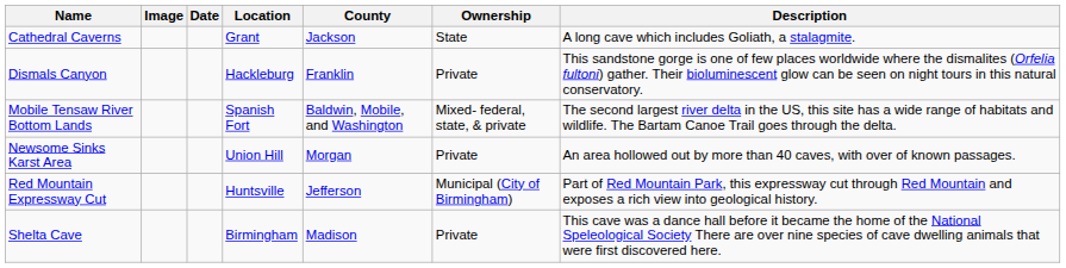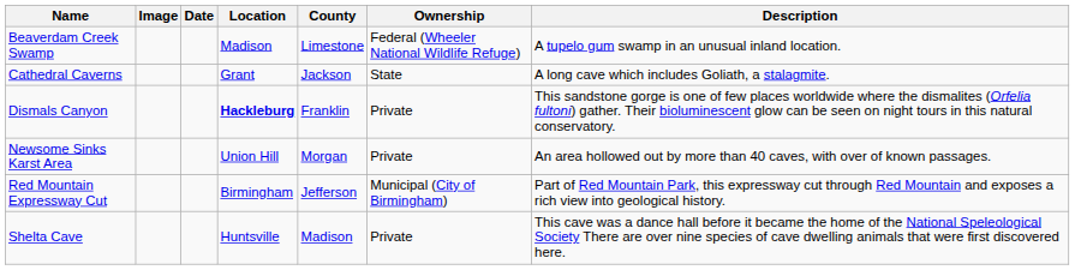 <table class="wikitable sortable" align="center">
 <tr>
 <th style="background-color:">Name</th>
 <th style="background-color:">Image</th>
 <th style="background-color:">Date</th>
 <th style="background-color:">Location</th>
 <th style="background-color:">County</th>
 <th style="background-color:">Ownership</th>
 <th style="background-color:">Description</th>
+</tr>
+<tr>
+<td><a href='#'>Beaverdam Creek Swamp</a></td>
+<td></td>
+<td></td>
+<td><a href='#'>Madison</a><br><small></small></td>
+<td><a href='#'>Limestone</a></td>
+<td>Federal (<a href='#'>Wheeler National Wildlife Refuge</a>)</td>
+<td>A <a href='#'>tupelo gum</a> swamp in an unusual inland location.</td>
 </tr>
 <tr>
 <td><a href='#'>Cathedral Caverns</a></td>
 <td></td>
 <td></td>
 <td><a href='#'>Grant</a><br><small></small></td>
 <td><a href='#'>Jackson</a></td>
 <td>State</td>
 <td>A  long cave which includes Goliath, a  <a href='#'>stalagmite</a>.</td>
 </tr>
 <tr>
 <td><a href='#'>Dismals Canyon</a></td>
 <td></td>
 <td></td>
-<td><a href='#'>Hackleburg</a><br><small></small></td>
+<td><strong><a href='#'>Hackleburg</a><br><small></small></strong></td>
 <td><a href='#'>Franklin</a></td>
 <td>Private</td>
 <td>This sandstone gorge is one of few places worldwide where the dismalites (<em><a href='#'>Orfelia fultoni</a></em>) gather.  Their <a href='#'>bioluminescent</a> glow can be seen on night tours in this  natural conservatory.</td>
-</tr>
-<tr>
-<td><a href='#'>Mobile Tensaw River Bottom Lands</a></td>
-<td></td>
-<td></td>
-<td><a href='#'>Spanish Fort</a><br><small></small></td>
-<td><a href='#'>Baldwin</a>, <a href='#'>Mobile</a>, and <a href='#'>Washington</a></td>
-<td>Mixed- federal, state, & private</td>
-<td>The second largest <a href='#'>river delta</a> in the US, this  site has a wide range of habitats and wildlife.  The  Bartam Canoe Trail goes through the delta.</td>
 </tr>
 <tr>
 <td><a href='#'>Newsome Sinks Karst Area</a></td>
 <td></td>
 <td></td>
 <td><a href='#'>Union Hill</a><br><small></small></td>
 <td><a href='#'>Morgan</a></td>
 <td>Private</td>
 <td>An area hollowed out by more than 40 caves, with over  of known passages.</td>
 </tr>
 <tr>
 <td><a href='#'>Red Mountain Expressway Cut</a></td>
 <td></td>
 <td></td>
-<td><a href='#'>Huntsville</a><br><small></small></td>
+<td><a href='#'>Birmingham</a><br><small></small></td>
 <td><a href='#'>Jefferson</a></td>
 <td>Municipal (<a href='#'>City of Birmingham</a>)</td>
 <td>Part of <a href='#'>Red Mountain Park</a>, this expressway cut through <a href='#'>Red Mountain</a> and exposes a rich view into geological history.</td>
 </tr>
 <tr>
 <td><a href='#'>Shelta Cave</a></td>
 <td></td>
 <td></td>
-<td><a href='#'>Birmingham</a><br><small></small></td>
+<td><a href='#'>Huntsville</a><br><small></small></td>
 <td><a href='#'>Madison</a></td>
 <td>Private</td>
 <td>This cave was a dance hall before it became the home of the <a href='#'>National Speleological Society</a>  There are over nine species of cave dwelling animals that were first discovered here.</td>
 </tr>
 </table>
